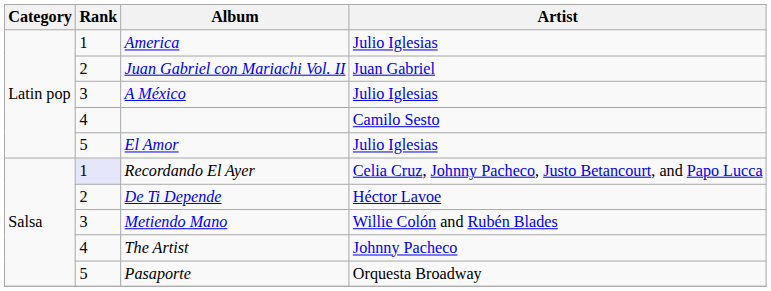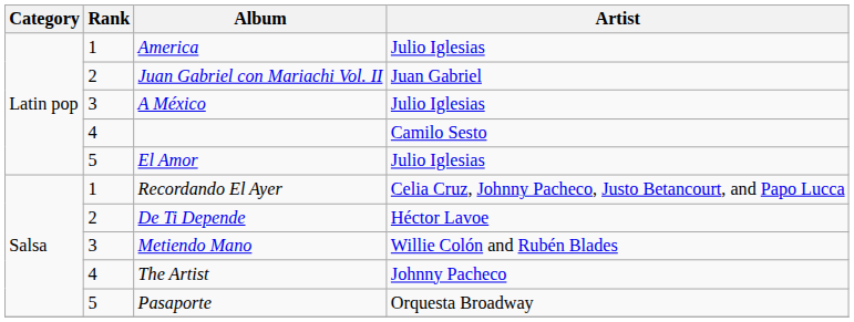 <table class="wikitable sortable">
 <tr>
 <th>Category</th>
 <th>Rank</th>
 <th>Album</th>
 <th>Artist</th>
 </tr>
 <tr>
 <td rowspan="5">Latin pop</td>
 <td>1</td>
 <td><em><a href='#'>America</a></em></td>
 <td><a href='#'>Julio Iglesias</a></td>
 </tr>
 <tr>
 <td>2</td>
 <td><em><a href='#'>Juan Gabriel con Mariachi Vol. II</a></em></td>
 <td><a href='#'>Juan Gabriel</a></td>
 </tr>
 <tr>
 <td>3</td>
 <td><em><a href='#'>A México</a></em></td>
 <td><a href='#'>Julio Iglesias</a></td>
 </tr>
 <tr>
 <td>4</td>
 <td><em></em></td>
 <td><a href='#'>Camilo Sesto</a></td>
 </tr>
 <tr>
 <td>5</td>
 <td><em><a href='#'>El Amor</a></em></td>
 <td><a href='#'>Julio Iglesias</a></td>
 </tr>
 <tr>
 <td rowspan="5">Salsa</td>
-<td style="background: lavender;">1</td>
+<td>1</td>
 <td><em>Recordando El Ayer</em></td>
 <td><a href='#'>Celia Cruz</a>, <a href='#'>Johnny Pacheco</a>, <a href='#'>Justo Betancourt</a>, and <a href='#'>Papo Lucca</a></td>
 </tr>
 <tr>
 <td>2</td>
 <td><em><a href='#'>De Ti Depende</a></em></td>
 <td><a href='#'>Héctor Lavoe</a></td>
 </tr>
 <tr>
 <td>3</td>
 <td><em><a href='#'>Metiendo Mano</a></em></td>
 <td><a href='#'>Willie Colón</a> and <a href='#'>Rubén Blades</a></td>
 </tr>
 <tr>
 <td>4</td>
 <td><em>The Artist</em></td>
 <td><a href='#'>Johnny Pacheco</a></td>
 </tr>
 <tr>
 <td>5</td>
 <td><em>Pasaporte</em></td>
 <td>Orquesta Broadway</td>
 </tr>
 <tr>
 </tr>
 </table>
